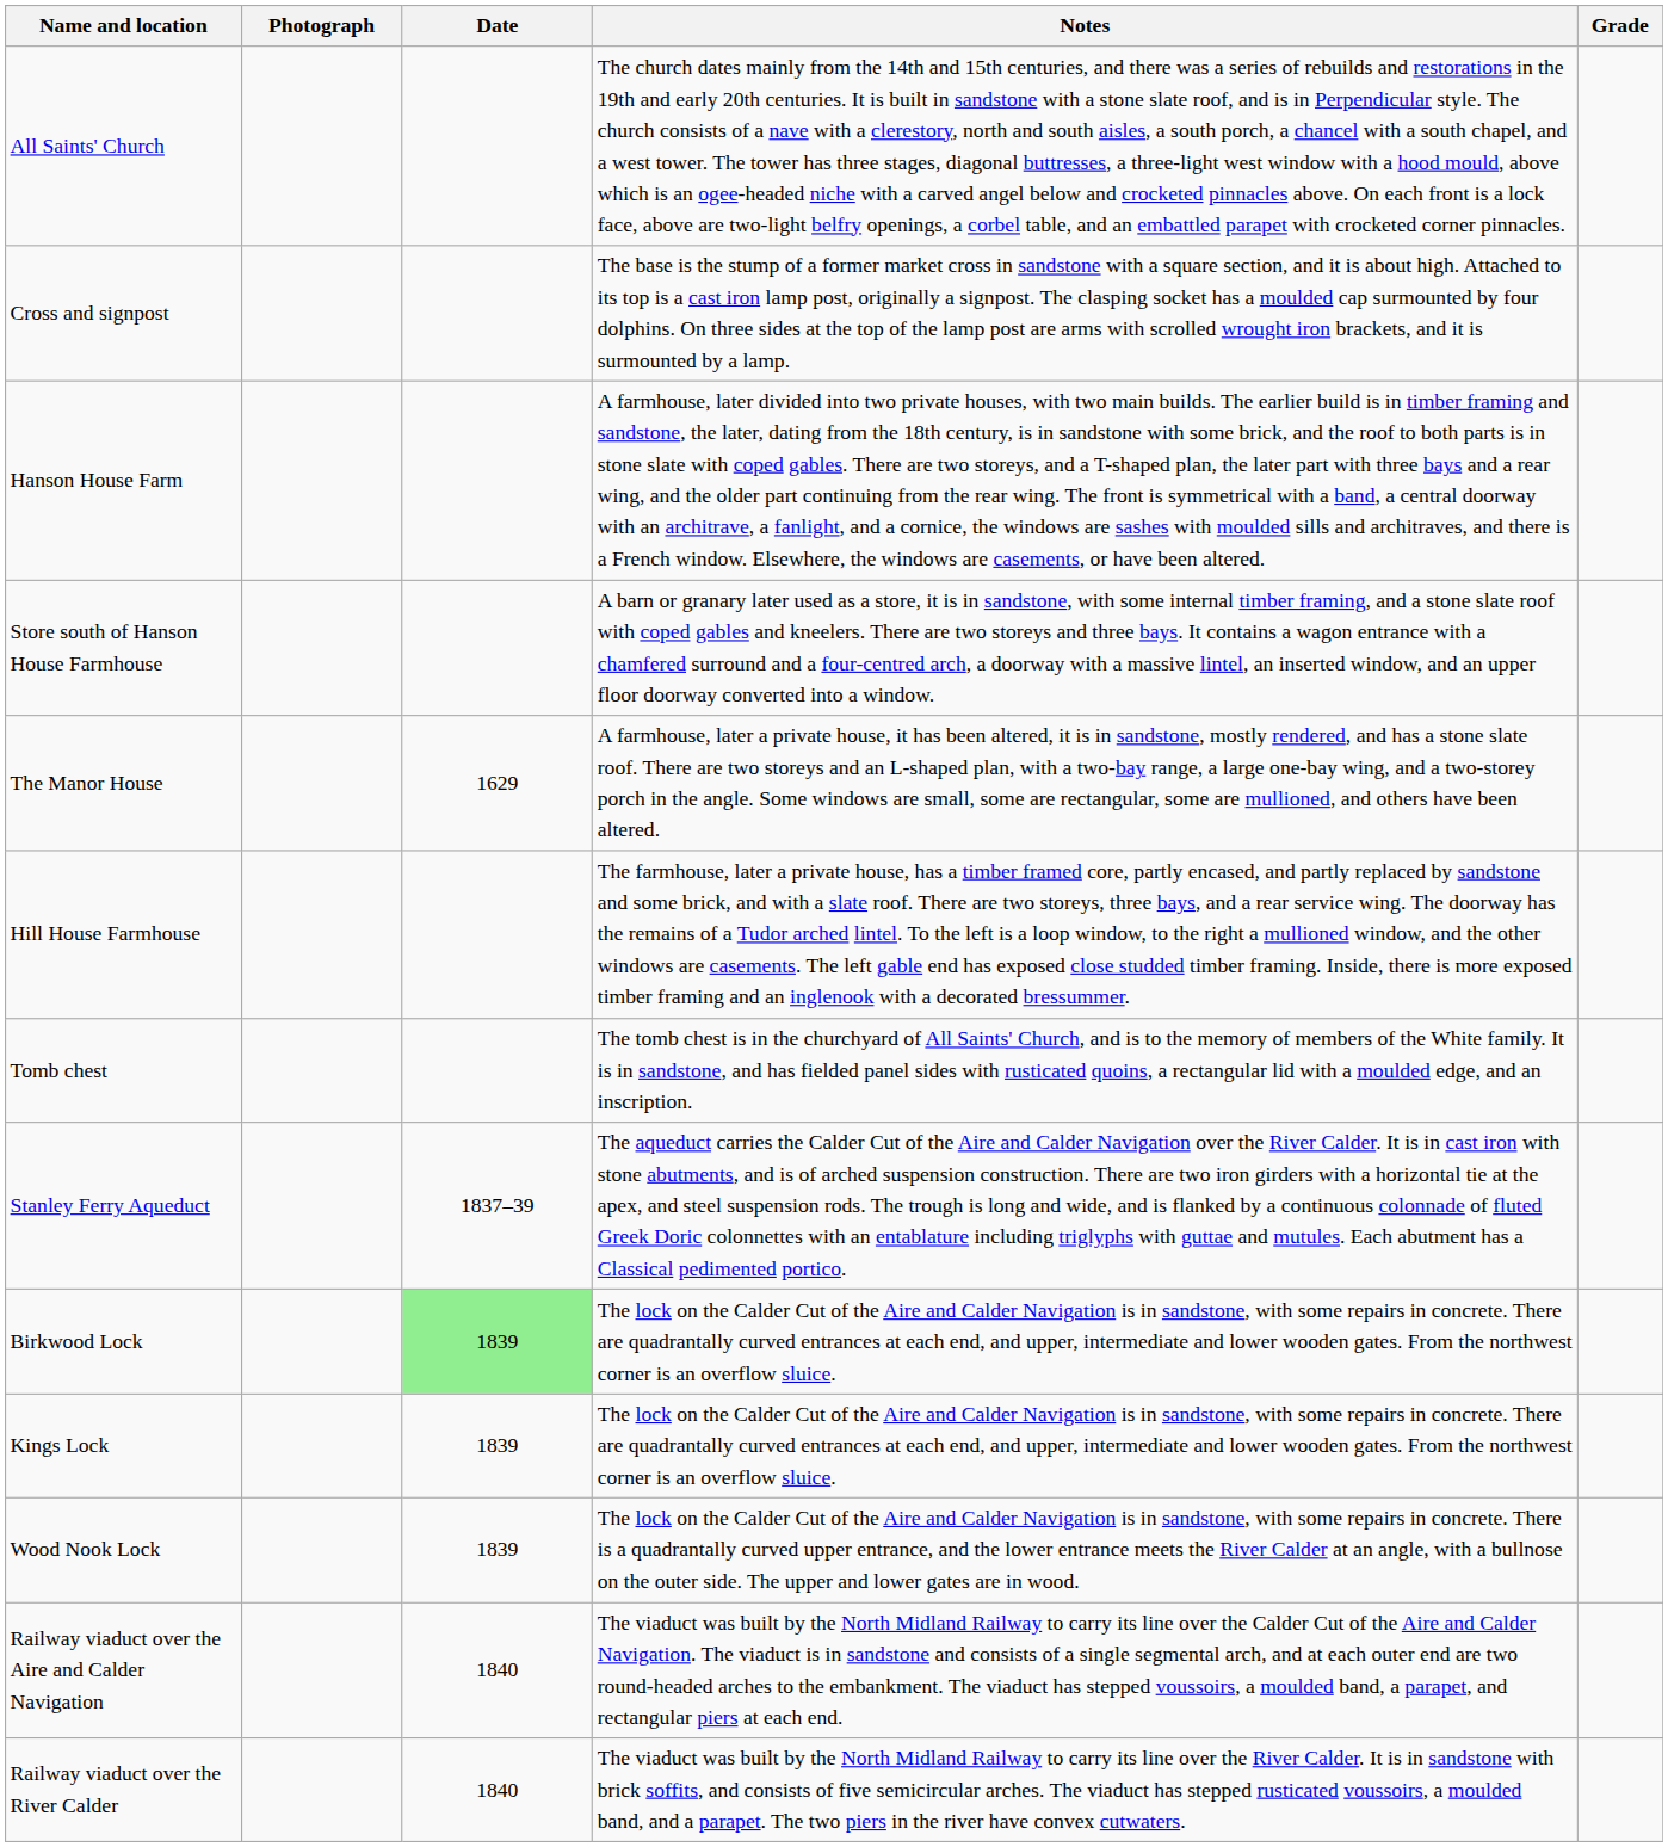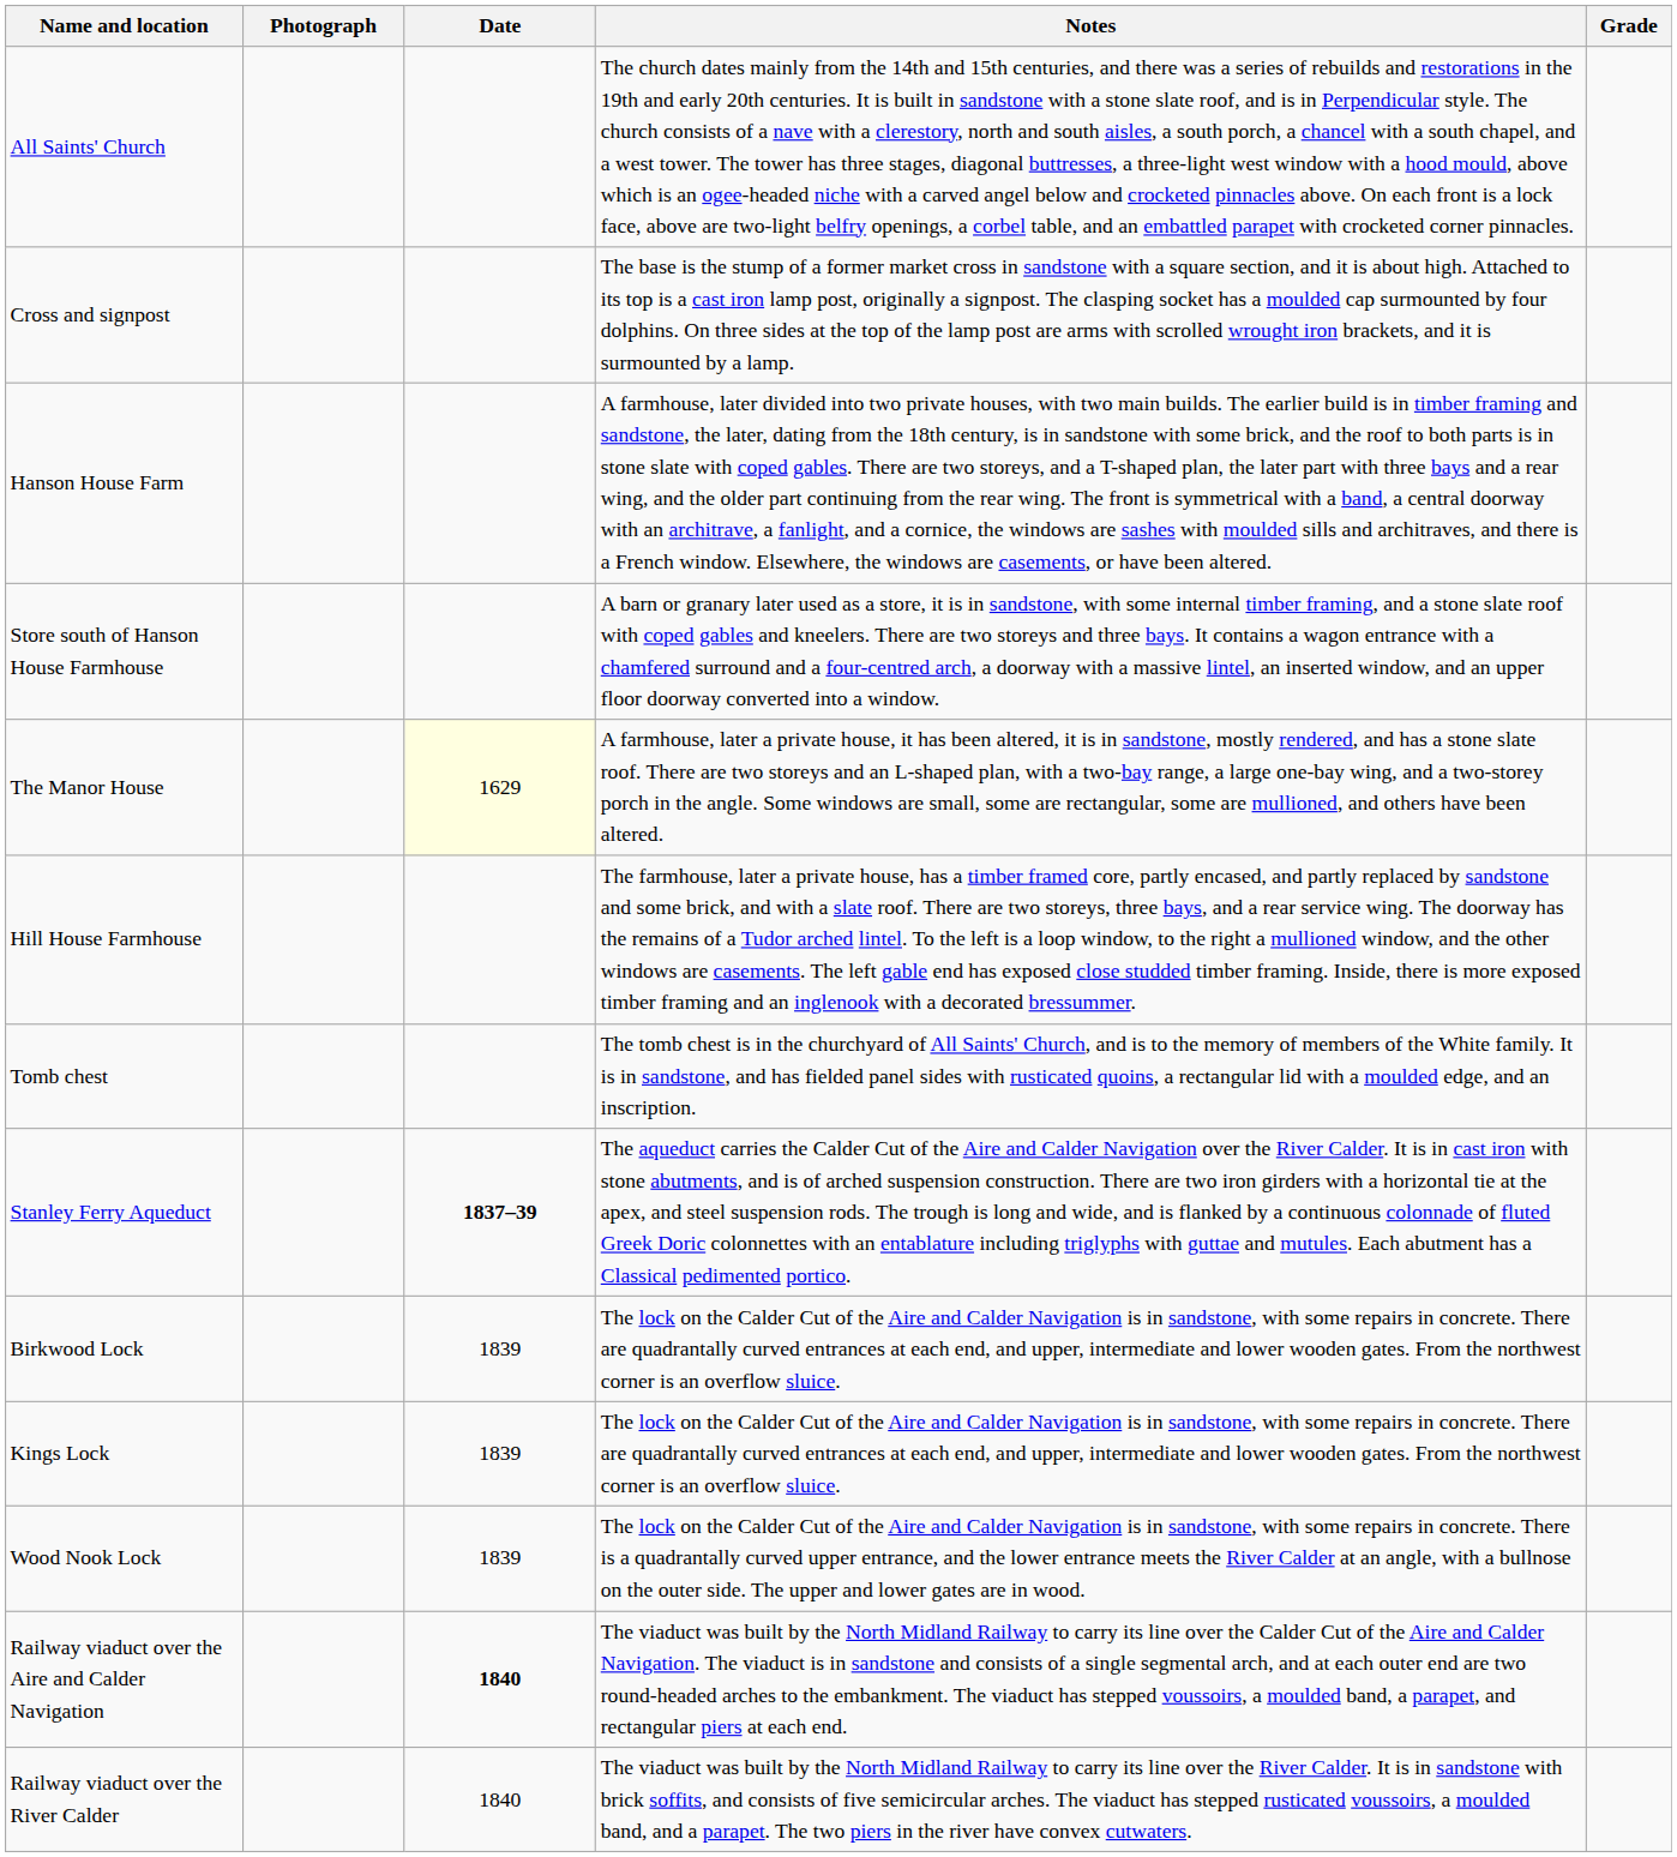 <table class="wikitable sortable plainrowheaders" style="width:100%; border:0; text-align:left; line-height:150%;">
 <tr>
 <th scope="col"  style="width:150px">Name and location</th>
 <th scope="col"  style="width:100px" class="unsortable">Photograph</th>
 <th scope="col"  style="width:120px">Date</th>
 <th scope="col"  style="width:650px" class="unsortable">Notes</th>
 <th scope="col"  style="width:50px">Grade</th>
 </tr>
 <tr>
 <td><a href='#'>All Saints' Church</a><br><small></small></td>
 <td></td>
 <td align="center"></td>
 <td>The church dates mainly from the 14th and 15th centuries, and there was a series of rebuilds and <a href='#'>restorations</a> in the 19th and early 20th centuries.  It is built in <a href='#'>sandstone</a> with a stone slate roof, and is in <a href='#'>Perpendicular</a> style.  The church consists of a <a href='#'>nave</a> with a <a href='#'>clerestory</a>, north and south <a href='#'>aisles</a>, a south porch, a <a href='#'>chancel</a> with a south chapel, and a west tower.  The tower has three stages, diagonal <a href='#'>buttresses</a>, a three-light west window with a <a href='#'>hood mould</a>, above which is an <a href='#'>ogee</a>-headed <a href='#'>niche</a> with a carved angel below and <a href='#'>crocketed</a> <a href='#'>pinnacles</a> above.  On each front is a lock face, above are two-light <a href='#'>belfry</a> openings, a <a href='#'>corbel</a> table, and an <a href='#'>embattled</a> <a href='#'>parapet</a> with crocketed corner pinnacles.</td>
 <td align="center" ></td>
 </tr>
 <tr>
 <td>Cross and signpost<br><small></small></td>
 <td></td>
 <td align="center"></td>
 <td>The base is the stump of a former market cross in <a href='#'>sandstone</a> with a square section, and it is about  high.  Attached to its top is a <a href='#'>cast iron</a> lamp post, originally a signpost.  The clasping socket has a <a href='#'>moulded</a> cap surmounted by four dolphins.  On three sides at the top of the lamp post are arms with scrolled <a href='#'>wrought iron</a> brackets, and it is surmounted by a lamp.</td>
 <td align="center" ></td>
 </tr>
 <tr>
 <td>Hanson House Farm<br><small></small></td>
 <td></td>
 <td align="center"></td>
 <td>A farmhouse, later divided into two private houses, with two main builds.  The earlier build is in <a href='#'>timber framing</a> and <a href='#'>sandstone</a>, the later, dating from the 18th century, is in sandstone with some brick, and the roof to both parts is in stone slate with <a href='#'>coped</a> <a href='#'>gables</a>.  There are two storeys, and a T-shaped plan, the later part with three <a href='#'>bays</a> and a rear wing, and the older part continuing from the rear wing.  The front is symmetrical with a <a href='#'>band</a>, a central doorway with an <a href='#'>architrave</a>, a <a href='#'>fanlight</a>, and a cornice, the windows are <a href='#'>sashes</a> with <a href='#'>moulded</a> sills and architraves, and there is a French window.  Elsewhere, the windows are <a href='#'>casements</a>, or have been altered.</td>
 <td align="center" ></td>
 </tr>
 <tr>
 <td>Store south of Hanson House Farmhouse<br><small></small></td>
 <td></td>
 <td align="center"></td>
 <td>A barn or granary later used as a store, it is in <a href='#'>sandstone</a>, with some internal <a href='#'>timber framing</a>, and a stone slate roof with <a href='#'>coped</a> <a href='#'>gables</a> and kneelers.  There are two storeys and three <a href='#'>bays</a>.  It contains a wagon entrance with a <a href='#'>chamfered</a> surround and a <a href='#'>four-centred arch</a>, a doorway with a massive <a href='#'>lintel</a>, an inserted window, and an upper floor doorway converted into a window.</td>
 <td align="center" ></td>
 </tr>
 <tr>
 <td>The Manor House<br><small></small></td>
 <td></td>
-<td align="center">1629</td>
+<td align="center" style="background: lightyellow;">1629</td>
 <td>A farmhouse, later a private house, it has been altered, it is in <a href='#'>sandstone</a>, mostly <a href='#'>rendered</a>, and has a stone slate roof.  There are two storeys and an L-shaped plan, with a two-<a href='#'>bay</a> range, a large one-bay wing, and a two-storey porch in the angle.  Some windows are small, some are rectangular, some are <a href='#'>mullioned</a>, and others have been altered.</td>
 <td align="center" ></td>
 </tr>
 <tr>
 <td>Hill House Farmhouse<br><small></small></td>
 <td></td>
 <td align="center"></td>
 <td>The farmhouse, later a private house, has a <a href='#'>timber framed</a> core, partly encased, and partly replaced by <a href='#'>sandstone</a> and some brick, and with a <a href='#'>slate</a> roof.  There are two storeys, three <a href='#'>bays</a>, and a rear service wing.  The doorway has the remains of a <a href='#'>Tudor arched</a> <a href='#'>lintel</a>.  To the left is a loop window, to the right a <a href='#'>mullioned</a> window, and the other windows are <a href='#'>casements</a>. The left <a href='#'>gable</a> end has exposed <a href='#'>close studded</a> timber framing.  Inside, there is more exposed timber framing and an <a href='#'>inglenook</a> with a decorated <a href='#'>bressummer</a>.</td>
 <td align="center" ></td>
 </tr>
 <tr>
 <td>Tomb chest<br><small></small></td>
 <td></td>
 <td align="center"></td>
 <td>The tomb chest is in the churchyard of <a href='#'>All Saints' Church</a>, and is to the memory of members of the White family.  It is in <a href='#'>sandstone</a>, and has fielded panel sides with <a href='#'>rusticated</a> <a href='#'>quoins</a>, a rectangular lid with a <a href='#'>moulded</a> edge, and an inscription.</td>
 <td align="center" ></td>
 </tr>
 <tr>
 <td><a href='#'>Stanley Ferry Aqueduct</a><br><small></small></td>
 <td></td>
-<td align="center">1837–39</td>
+<td align="center"><strong>1837–39</strong></td>
 <td>The <a href='#'>aqueduct</a> carries the Calder Cut of the <a href='#'>Aire and Calder Navigation</a> over the <a href='#'>River Calder</a>.  It is in <a href='#'>cast iron</a> with stone <a href='#'>abutments</a>, and is of arched suspension construction.  There are two iron girders with a horizontal tie at the apex, and steel suspension rods.  The trough is  long and  wide, and is flanked by a continuous <a href='#'>colonnade</a> of <a href='#'>fluted</a> <a href='#'>Greek Doric</a> colonnettes with an <a href='#'>entablature</a> including <a href='#'>triglyphs</a> with <a href='#'>guttae</a> and <a href='#'>mutules</a>.  Each abutment has a <a href='#'>Classical</a> <a href='#'>pedimented</a> <a href='#'>portico</a>.</td>
 <td align="center" ></td>
 </tr>
 <tr>
 <td>Birkwood Lock<br><small></small></td>
 <td></td>
-<td align="center" style="background: lightgreen;">1839</td>
+<td align="center">1839</td>
 <td>The <a href='#'>lock</a> on the Calder Cut of the <a href='#'>Aire and Calder Navigation</a> is in <a href='#'>sandstone</a>, with some repairs in concrete.  There are quadrantally curved entrances at each end, and upper, intermediate and lower wooden gates.  From the northwest corner is an overflow <a href='#'>sluice</a>.</td>
 <td align="center" ></td>
 </tr>
 <tr>
 <td>Kings Lock<br><small></small></td>
 <td></td>
 <td align="center">1839</td>
 <td>The <a href='#'>lock</a> on the Calder Cut of the <a href='#'>Aire and Calder Navigation</a> is in <a href='#'>sandstone</a>, with some repairs in concrete.  There are quadrantally curved entrances at each end, and upper, intermediate and lower wooden gates.  From the northwest corner is an overflow <a href='#'>sluice</a>.</td>
 <td align="center" ></td>
 </tr>
 <tr>
 <td>Wood Nook Lock<br><small></small></td>
 <td></td>
 <td align="center">1839</td>
 <td>The <a href='#'>lock</a> on the Calder Cut of the <a href='#'>Aire and Calder Navigation</a> is in <a href='#'>sandstone</a>, with some repairs in concrete.  There is a quadrantally curved upper entrance, and the lower entrance meets the <a href='#'>River Calder</a> at an angle, with a bullnose on the outer side.  The upper and lower gates are in wood.</td>
 <td align="center" ></td>
 </tr>
 <tr>
 <td>Railway viaduct over the Aire and Calder Navigation<br><small></small></td>
 <td></td>
-<td align="center">1840</td>
+<td align="center"><strong>1840</strong></td>
 <td>The viaduct was built by the <a href='#'>North Midland Railway</a> to carry its line over the Calder Cut of the <a href='#'>Aire and Calder Navigation</a>.  The viaduct is in <a href='#'>sandstone</a> and consists of a single segmental arch, and at each outer end are two round-headed arches to the embankment.  The viaduct has stepped <a href='#'>voussoirs</a>, a <a href='#'>moulded</a> band, a <a href='#'>parapet</a>, and rectangular <a href='#'>piers</a> at each end.</td>
 <td align="center" ></td>
 </tr>
 <tr>
 <td>Railway viaduct over the River Calder<br><small></small></td>
 <td></td>
 <td align="center">1840</td>
 <td>The viaduct was built by the <a href='#'>North Midland Railway</a> to carry its line over the <a href='#'>River Calder</a>.  It is in <a href='#'>sandstone</a> with brick <a href='#'>soffits</a>, and consists of five semicircular arches.  The viaduct has stepped <a href='#'>rusticated</a> <a href='#'>voussoirs</a>, a <a href='#'>moulded</a> band, and a <a href='#'>parapet</a>.  The two <a href='#'>piers</a> in the river have convex <a href='#'>cutwaters</a>.</td>
 <td align="center" ></td>
 </tr>
 <tr>
 </tr>
 </table>
